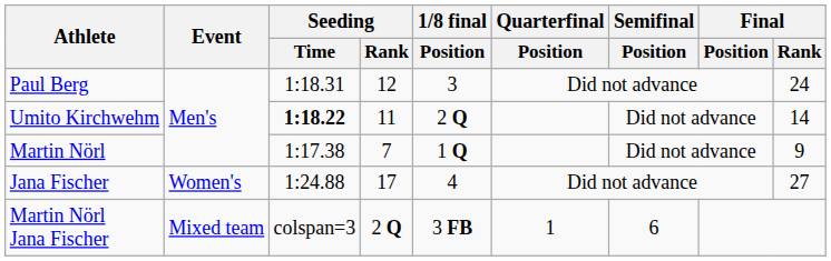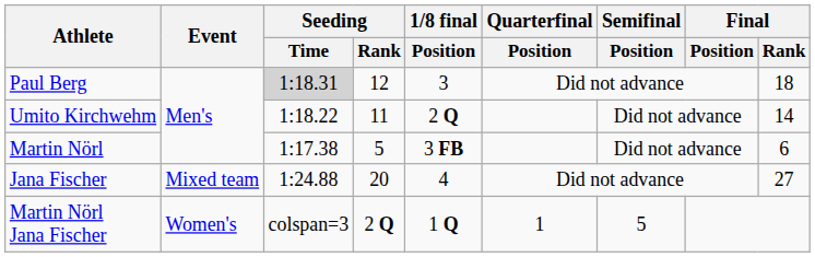 <table class=wikitable style="font-size:90%; text-align:center">
 <tr>
 <th rowspan=2>Athlete</th>
 <th rowspan=2>Event</th>
 <th colspan=2>Seeding</th>
 <th>1/8 final</th>
 <th>Quarterfinal</th>
 <th>Semifinal</th>
 <th colspan=2>Final</th>
 </tr>
 <tr style=font-size:95%>
 <th>Time</th>
 <th>Rank</th>
 <th>Position</th>
 <th>Position</th>
 <th>Position</th>
 <th>Position</th>
 <th>Rank</th>
 </tr>
 <tr>
 <td align=left><a href='#'>Paul Berg</a></td>
 <td align=left rowspan=3><a href='#'>Men's</a></td>
-<td>1:18.31</td>
+<td style="background: lightgrey;">1:18.31</td>
 <td>12</td>
 <td>3</td>
 <td colspan=3>Did not advance</td>
-<td>24</td>
+<td>18</td>
 </tr>
 <tr>
 <td align=left><a href='#'>Umito Kirchwehm</a></td>
-<td><strong>1:18.22</strong></td>
+<td>1:18.22</td>
 <td>11</td>
 <td>2 <strong>Q</strong></td>
 <td></td>
 <td colspan=2>Did not advance</td>
 <td>14</td>
 </tr>
 <tr>
 <td align=left><a href='#'>Martin Nörl</a></td>
 <td>1:17.38</td>
-<td>7</td>
-<td>1 <strong>Q</strong></td>
+<td>5</td>
+<td>3 <strong>FB</strong></td>
 <td></td>
 <td colspan=2>Did not advance</td>
-<td>9</td>
+<td>6</td>
 </tr>
 <tr>
 <td align=left><a href='#'>Jana Fischer</a></td>
-<td align=left><a href='#'>Women's</a></td>
+<td align=left><a href='#'>Mixed team</a></td>
 <td>1:24.88</td>
-<td>17</td>
+<td>20</td>
 <td>4</td>
 <td colspan=3>Did not advance</td>
 <td>27</td>
 </tr>
 <tr>
 <td align=left><a href='#'>Martin Nörl</a><br><a href='#'>Jana Fischer</a></td>
-<td align=left><a href='#'>Mixed team</a></td>
+<td align=left><a href='#'>Women's</a></td>
 <td>colspan=3 </td>
 <td>2 <strong>Q</strong></td>
-<td>3 <strong>FB</strong></td>
+<td>1 <strong>Q</strong></td>
 <td>1</td>
-<td>6</td>
+<td>5</td>
 </tr>
 </table>
